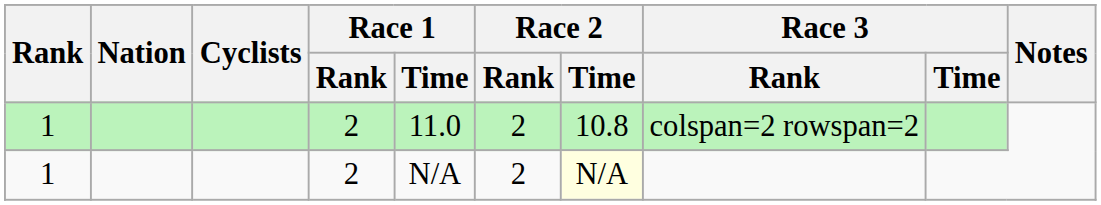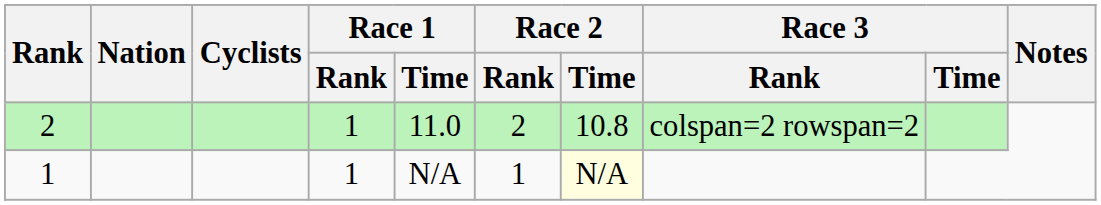 <table class="wikitable sortable" style="text-align:center">
 <tr>
 <th rowspan=2>Rank</th>
 <th rowspan=2>Nation</th>
 <th rowspan=2>Cyclists</th>
 <th colspan=2>Race 1</th>
 <th colspan=2>Race 2</th>
 <th colspan=2>Race 3</th>
 <th rowspan=2>Notes</th>
 </tr>
 <tr>
 <th>Rank</th>
 <th>Time</th>
 <th>Rank</th>
 <th>Time</th>
 <th>Rank</th>
 <th>Time</th>
 </tr>
 <tr bgcolor=bbf3bb>
-<td>1</td>
+<td>2</td>
 <td align=left></td>
 <td align=left></td>
-<td>2</td>
+<td>1</td>
 <td>11.0</td>
 <td>2</td>
 <td>10.8</td>
 <td>colspan=2 rowspan=2 </td>
 <td></td>
 </tr>
 <tr>
 <td>1</td>
 <td align=left></td>
 <td align=left></td>
-<td>2</td>
+<td>1</td>
 <td>N/A</td>
-<td>2</td>
+<td>1</td>
 <td style="background: lightyellow;">N/A</td>
 <td></td>
 </tr>
 </table>
